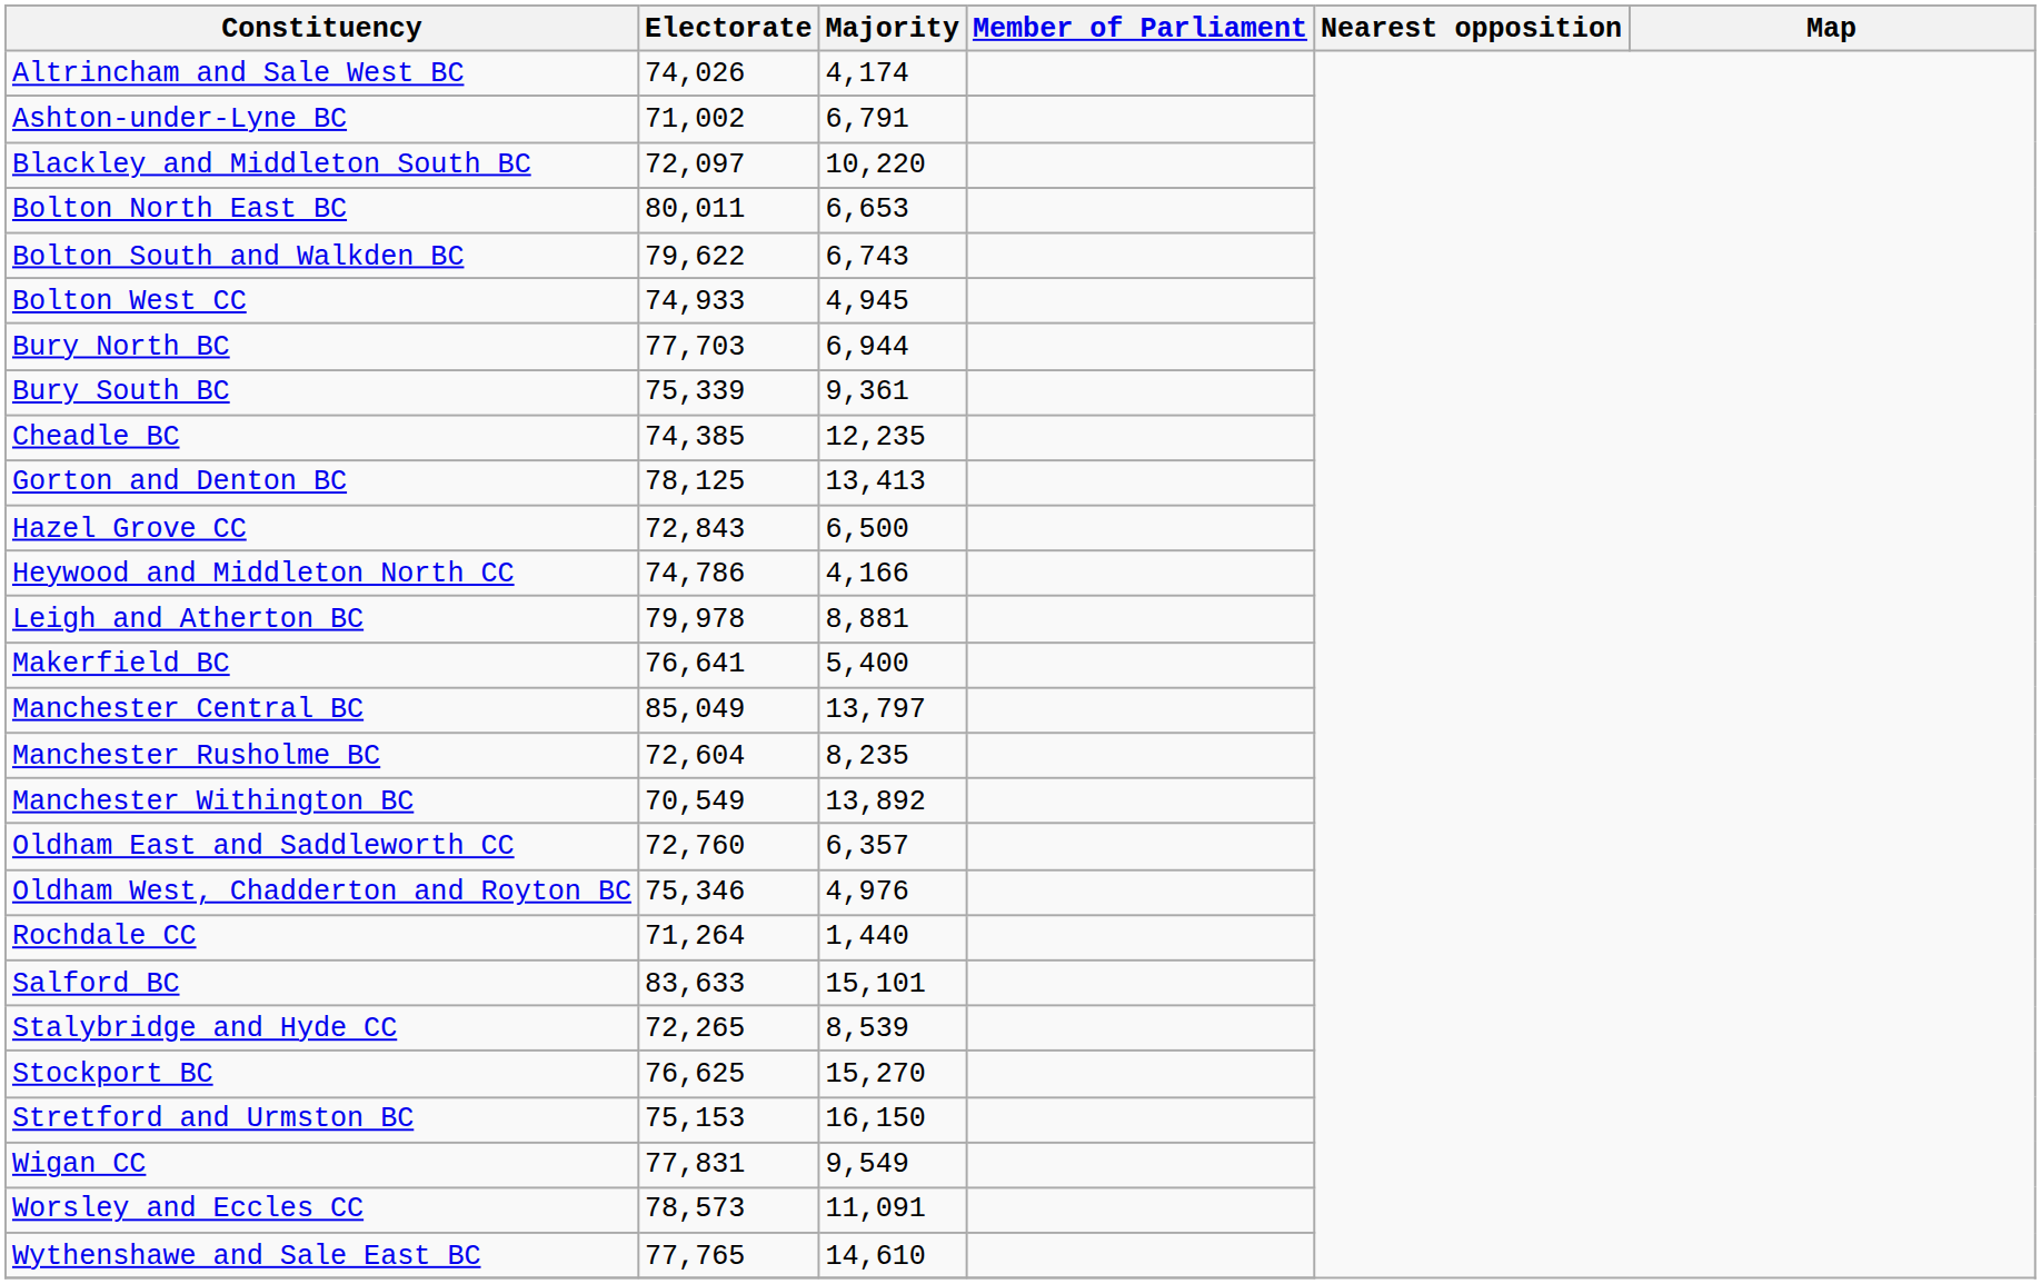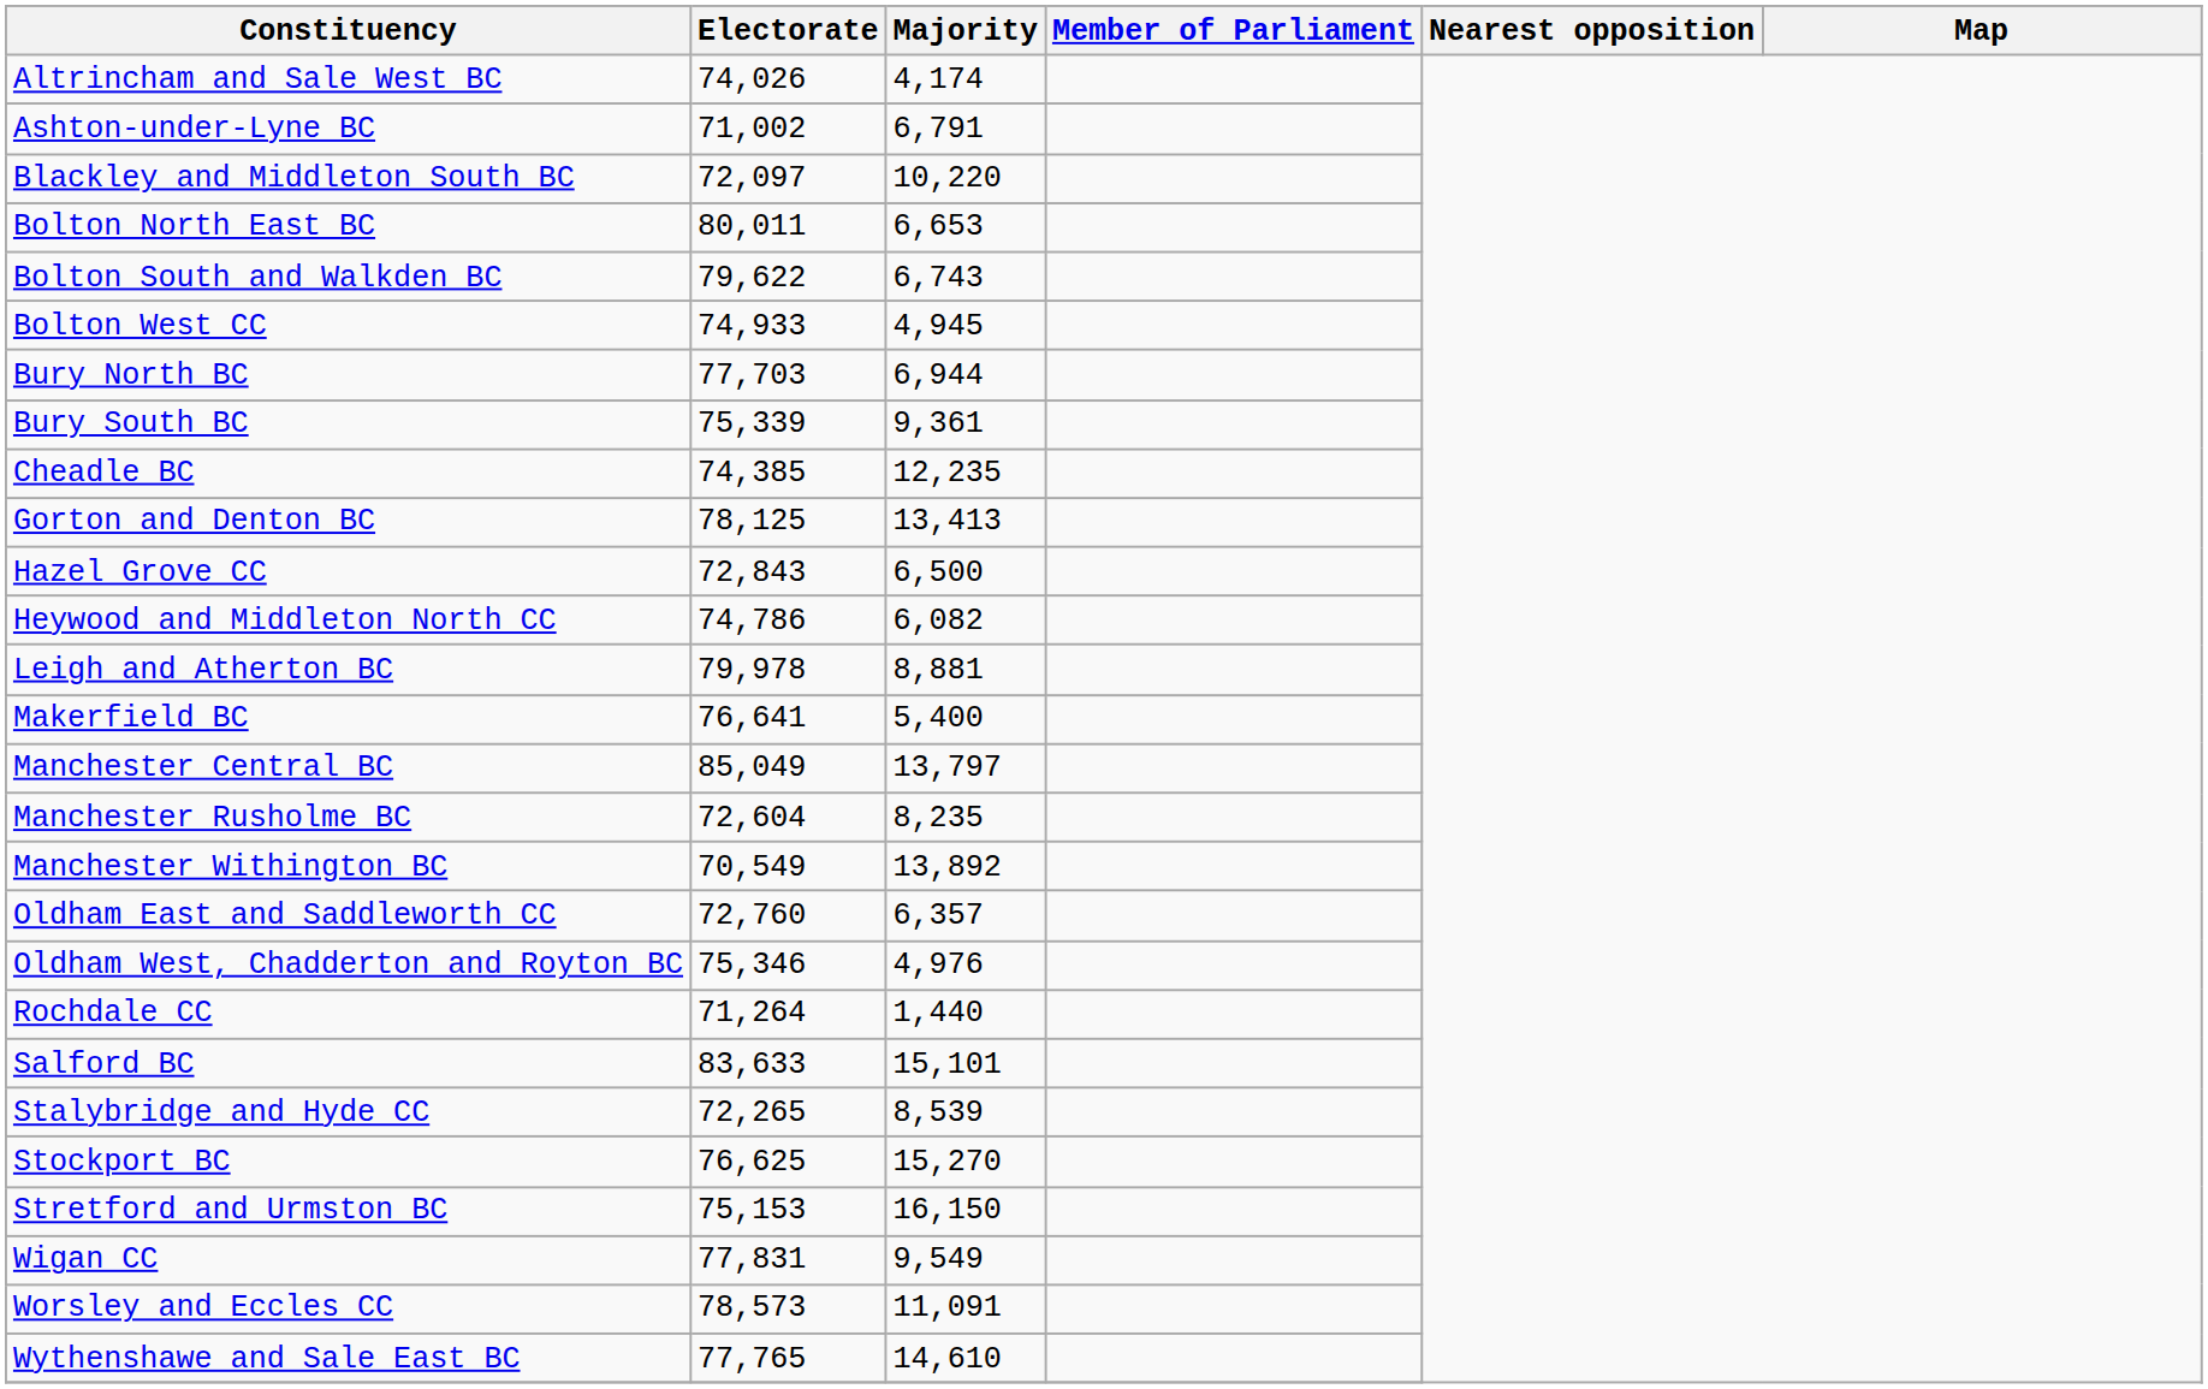 <table class="wikitable sortable">
 <tr>
 <th rowspan="1">Constituency</th>
 <th rowspan="1">Electorate</th>
 <th rowspan="1">Majority</th>
 <th class="unsortable" colspan="2"><a href='#'>Member of Parliament</a></th>
 <th class="unsortable" colspan="2">Nearest opposition</th>
 <th rowspan=1 class="unsortable" style="width:20%;">Map</th>
 </tr>
 <tr>
 <td><a href='#'>Altrincham and Sale West BC</a></td>
 <td>74,026</td>
 <td>4,174<br>  </td>
 <td></td>
 </tr>
 <tr>
 <td><a href='#'>Ashton-under-Lyne BC</a></td>
 <td>71,002</td>
 <td>6,791<br> </td>
 <td></td>
 </tr>
 <tr>
 <td><a href='#'>Blackley and Middleton South BC</a></td>
 <td>72,097</td>
 <td>10,220<br> </td>
 <td></td>
 </tr>
 <tr>
 <td><a href='#'>Bolton North East BC</a></td>
 <td>80,011</td>
 <td>6,653<br> </td>
 <td></td>
 </tr>
 <tr>
 <td><a href='#'>Bolton South and Walkden BC</a></td>
 <td>79,622</td>
 <td>6,743<br> </td>
 <td></td>
 </tr>
 <tr>
 <td><a href='#'>Bolton West CC</a></td>
 <td>74,933</td>
 <td>4,945<br> </td>
 <td></td>
 </tr>
 <tr>
 <td><a href='#'>Bury North BC</a></td>
 <td>77,703</td>
 <td>6,944<br> </td>
 <td></td>
 </tr>
 <tr>
 <td><a href='#'>Bury South BC</a></td>
 <td>75,339</td>
 <td>9,361<br> </td>
 <td></td>
 </tr>
 <tr>
 <td><a href='#'>Cheadle BC</a></td>
 <td>74,385</td>
 <td>12,235<br> </td>
 <td></td>
 </tr>
 <tr>
 <td><a href='#'>Gorton and Denton BC</a></td>
 <td>78,125</td>
 <td>13,413<br> </td>
 <td></td>
 </tr>
 <tr>
 <td><a href='#'>Hazel Grove CC</a></td>
 <td>72,843</td>
 <td>6,500<br> </td>
 <td></td>
 </tr>
 <tr>
 <td><a href='#'>Heywood and Middleton North CC</a></td>
 <td>74,786</td>
-<td>4,166<br> </td>
+<td>6,082<br> </td>
 <td></td>
 </tr>
 <tr>
 <td><a href='#'>Leigh and Atherton BC</a></td>
 <td>79,978</td>
 <td>8,881<br> </td>
 <td></td>
 </tr>
 <tr>
 <td><a href='#'>Makerfield BC</a></td>
 <td>76,641</td>
 <td>5,400<br> </td>
 <td></td>
 </tr>
 <tr>
 <td><a href='#'>Manchester Central BC</a></td>
 <td>85,049</td>
 <td>13,797<br> </td>
 <td></td>
 </tr>
 <tr>
 <td><a href='#'>Manchester Rusholme BC</a></td>
 <td>72,604</td>
 <td>8,235<br> </td>
 <td></td>
 </tr>
 <tr>
 <td><a href='#'>Manchester Withington BC</a></td>
 <td>70,549</td>
 <td>13,892<br> </td>
 <td></td>
 </tr>
 <tr>
 <td><a href='#'>Oldham East and Saddleworth CC</a></td>
 <td>72,760</td>
 <td>6,357<br> </td>
 <td></td>
 </tr>
 <tr>
 <td><a href='#'>Oldham West, Chadderton and Royton BC</a></td>
 <td>75,346</td>
 <td>4,976<br> </td>
 <td></td>
 </tr>
 <tr>
 <td><a href='#'>Rochdale CC</a></td>
 <td>71,264</td>
 <td>1,440<br> </td>
 <td></td>
 </tr>
 <tr>
 <td><a href='#'>Salford BC</a></td>
 <td>83,633</td>
 <td>15,101<br> </td>
 <td></td>
 </tr>
 <tr>
 <td><a href='#'>Stalybridge and Hyde CC</a></td>
 <td>72,265</td>
 <td>8,539<br> </td>
 <td></td>
 </tr>
 <tr>
 <td><a href='#'>Stockport BC</a></td>
 <td>76,625</td>
 <td>15,270<br> </td>
 <td></td>
 </tr>
 <tr>
 <td><a href='#'>Stretford and Urmston BC</a></td>
 <td>75,153</td>
 <td>16,150<br> </td>
 <td></td>
 </tr>
 <tr>
 <td><a href='#'>Wigan CC</a></td>
 <td>77,831</td>
 <td>9,549<br> </td>
 <td></td>
 </tr>
 <tr>
 <td><a href='#'>Worsley and Eccles CC</a></td>
 <td>78,573</td>
 <td>11,091<br> </td>
 <td></td>
 </tr>
 <tr>
 <td><a href='#'>Wythenshawe and Sale East BC</a></td>
 <td>77,765</td>
 <td>14,610<br> </td>
 <td></td>
 </tr>
 <tr>
 </tr>
 </table>
